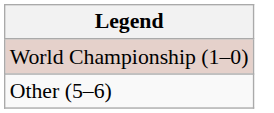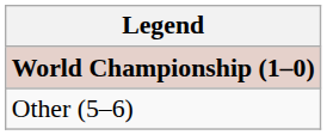 <table class="wikitable">
 <tr>
 <th>Legend</th>
 </tr>
 <tr style="background:#e5d1cb;">
-<td>World Championship (1–0)</td>
+<td><strong>World Championship (1–0)</strong></td>
 </tr>
 <tr bgcolor=>
 <td>Other (5–6)</td>
 </tr>
 </table>
